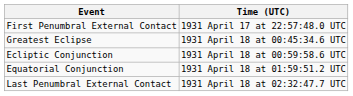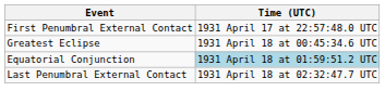 <table class="wikitable">
 <tr>
 <th>Event</th>
 <th>Time (UTC)</th>
 </tr>
 <tr>
 <td>First Penumbral External Contact</td>
 <td>1931 April 17 at 22:57:48.0 UTC</td>
 </tr>
 <tr>
 <td>Greatest Eclipse</td>
 <td>1931 April 18 at 00:45:34.6 UTC</td>
 </tr>
 <tr>
-<td>Ecliptic Conjunction</td>
-<td>1931 April 18 at 00:59:58.6 UTC</td>
-</tr>
-<tr>
 <td>Equatorial Conjunction</td>
-<td>1931 April 18 at 01:59:51.2 UTC</td>
+<td style="background: lightblue;">1931 April 18 at 01:59:51.2 UTC</td>
 </tr>
 <tr>
 <td>Last Penumbral External Contact</td>
 <td>1931 April 18 at 02:32:47.7 UTC</td>
 </tr>
 </table>
